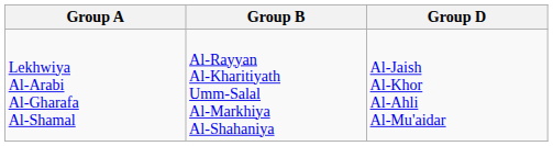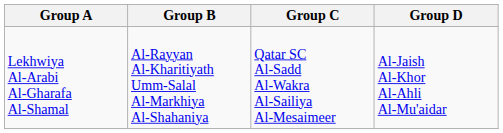 <table class="wikitable" width=90%>
 <tr>
 <th width=20%>Group A</th>
 <th width=20%>Group B</th>
+<th width=20%>Group C</th>
 <th width=20%>Group D</th>
 </tr>
 <tr>
 <td><br><a href='#'>Lekhwiya</a> <br> <a href='#'>Al-Arabi</a> <br> <a href='#'>Al-Gharafa</a> <br> <a href='#'>Al-Shamal</a> <br></td>
 <td><br><a href='#'>Al-Rayyan</a> <br> <a href='#'>Al-Kharitiyath</a> <br> <a href='#'>Umm-Salal</a> <br> <a href='#'>Al-Markhiya</a> <br> <a href='#'>Al-Shahaniya</a></td>
+<td><br><a href='#'>Qatar SC</a> <br> <a href='#'>Al-Sadd</a> <br> <a href='#'>Al-Wakra</a> <br> <a href='#'>Al-Sailiya</a> <br> <a href='#'>Al-Mesaimeer</a> <br></td>
 <td><br><a href='#'>Al-Jaish</a> <br> <a href='#'>Al-Khor</a> <br> <a href='#'>Al-Ahli</a> <br> <a href='#'>Al-Mu'aidar</a> <br></td>
 </tr>
 </table>
